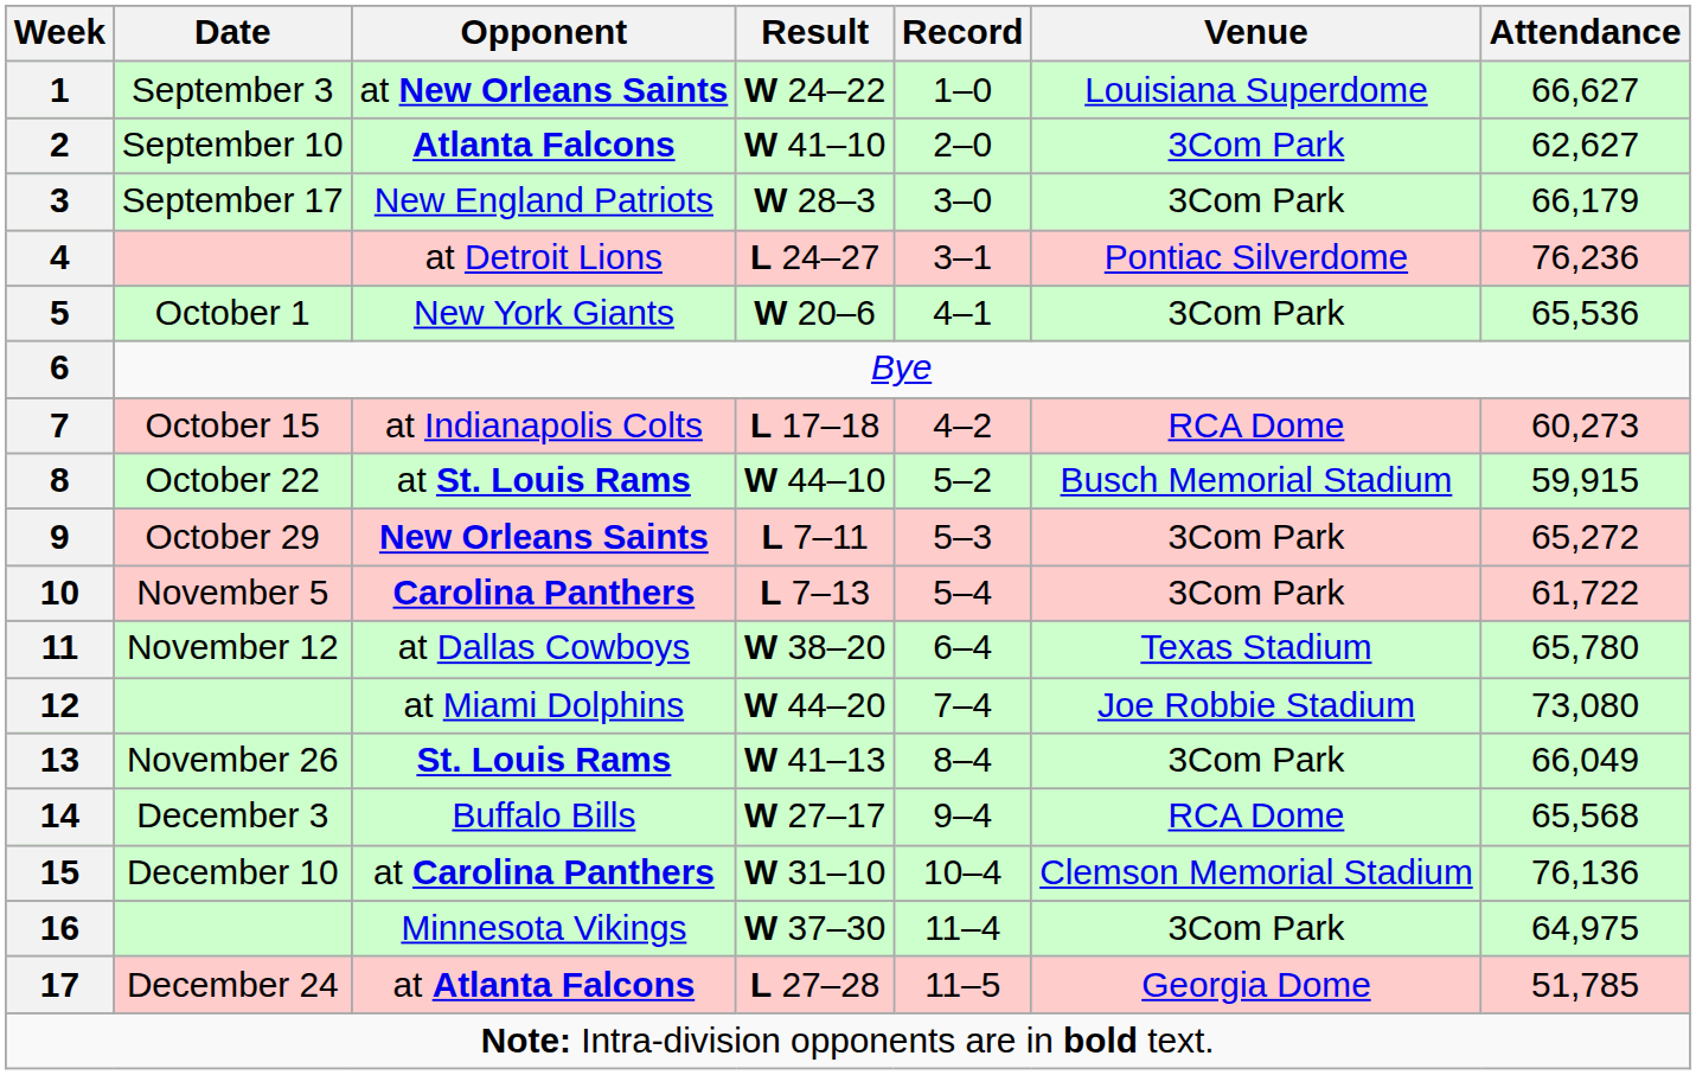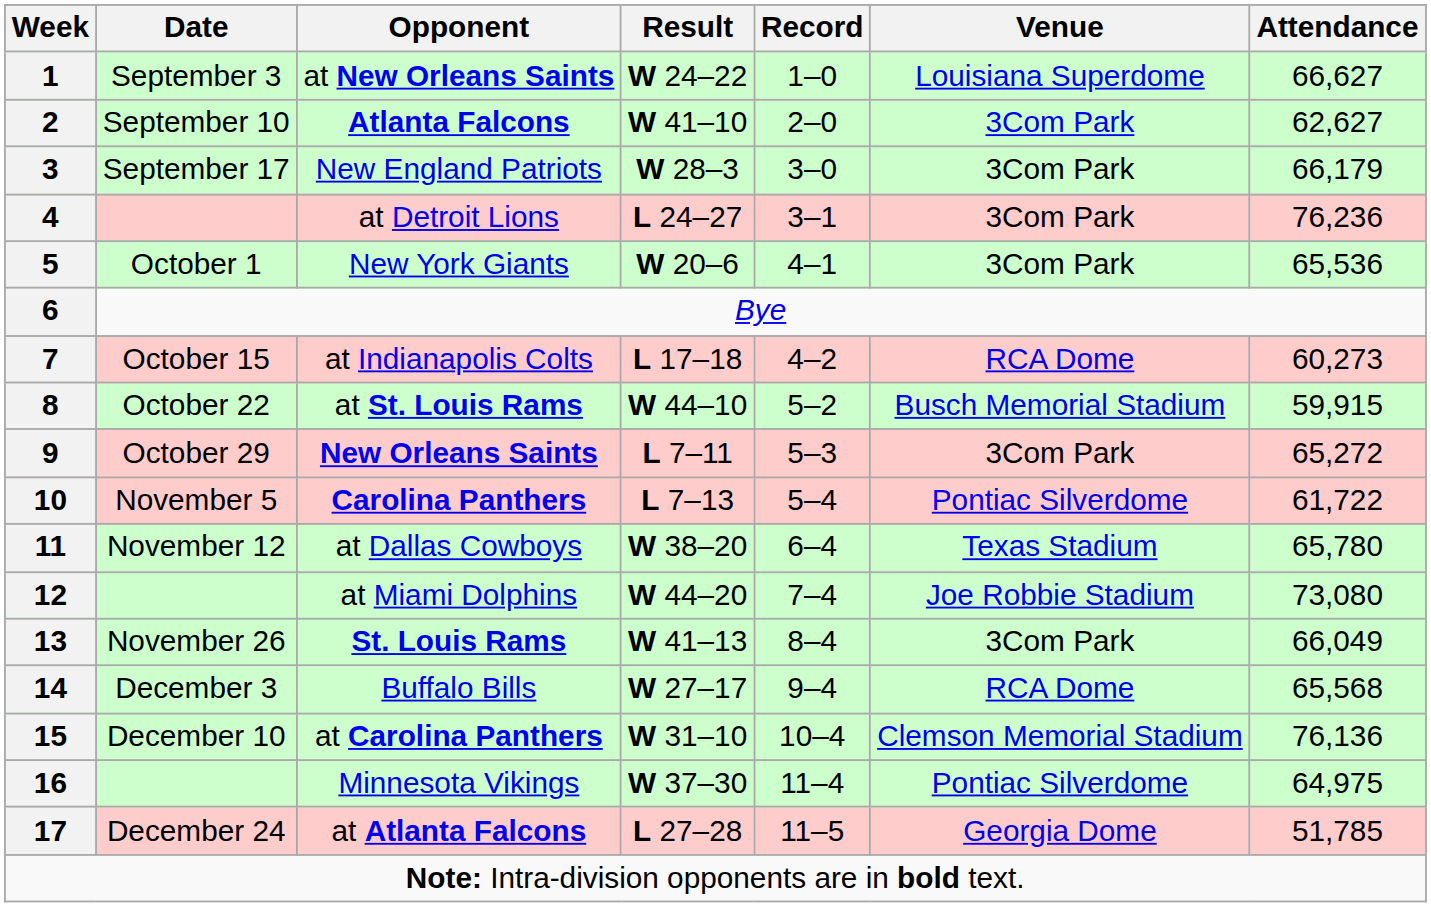 <table class="wikitable" style="text-align:center;">
 <tr>
 <th>Week</th>
 <th>Date</th>
 <th>Opponent</th>
 <th>Result</th>
 <th>Record</th>
 <th>Venue</th>
 <th>Attendance</th>
 </tr>
 <tr style="background:#cfc">
 <th>1</th>
 <td>September 3</td>
 <td>at <strong><a href='#'>New Orleans Saints</a></strong></td>
 <td><strong>W</strong> 24–22</td>
 <td>1–0</td>
 <td><a href='#'>Louisiana Superdome</a></td>
 <td>66,627</td>
 </tr>
 <tr style="background:#cfc">
 <th>2</th>
 <td>September 10</td>
 <td><strong><a href='#'>Atlanta Falcons</a></strong></td>
 <td><strong>W</strong> 41–10</td>
 <td>2–0</td>
 <td><a href='#'>3Com Park</a></td>
 <td>62,627</td>
 </tr>
 <tr style="background:#cfc">
 <th>3</th>
 <td>September 17</td>
 <td><a href='#'>New England Patriots</a></td>
 <td><strong>W</strong> 28–3</td>
 <td>3–0</td>
 <td>3Com Park</td>
 <td>66,179</td>
 </tr>
 <tr style="background:#fcc">
 <th>4</th>
 <td></td>
 <td>at <a href='#'>Detroit Lions</a></td>
 <td><strong>L</strong> 24–27</td>
 <td>3–1</td>
-<td><a href='#'>Pontiac Silverdome</a></td>
+<td>3Com Park</td>
 <td>76,236</td>
 </tr>
 <tr style="background:#cfc">
 <th>5</th>
 <td>October 1</td>
 <td><a href='#'>New York Giants</a></td>
 <td><strong>W</strong> 20–6</td>
 <td>4–1</td>
 <td>3Com Park</td>
 <td>65,536</td>
 </tr>
 <tr>
 <th>6</th>
 <td colspan=7><em><a href='#'>Bye</a></em></td>
 </tr>
 <tr style="background:#fcc">
 <th>7</th>
 <td>October 15</td>
 <td>at <a href='#'>Indianapolis Colts</a></td>
 <td><strong>L</strong> 17–18</td>
 <td>4–2</td>
 <td><a href='#'>RCA Dome</a></td>
 <td>60,273</td>
 </tr>
 <tr style="background:#cfc">
 <th>8</th>
 <td>October 22</td>
 <td>at <strong><a href='#'>St. Louis Rams</a></strong></td>
 <td><strong>W</strong> 44–10</td>
 <td>5–2</td>
 <td><a href='#'>Busch Memorial Stadium</a></td>
 <td>59,915</td>
 </tr>
 <tr style="background:#fcc">
 <th>9</th>
 <td>October 29</td>
 <td><strong><a href='#'>New Orleans Saints</a></strong></td>
 <td><strong>L</strong> 7–11</td>
 <td>5–3</td>
 <td>3Com Park</td>
 <td>65,272</td>
 </tr>
 <tr style="background:#fcc">
 <th>10</th>
 <td>November 5</td>
 <td><strong><a href='#'>Carolina Panthers</a></strong></td>
 <td><strong>L</strong> 7–13</td>
 <td>5–4</td>
-<td>3Com Park</td>
+<td><a href='#'>Pontiac Silverdome</a></td>
 <td>61,722</td>
 </tr>
 <tr style="background:#cfc">
 <th>11</th>
 <td>November 12</td>
 <td>at <a href='#'>Dallas Cowboys</a></td>
 <td><strong>W</strong> 38–20</td>
 <td>6–4</td>
 <td><a href='#'>Texas Stadium</a></td>
 <td>65,780</td>
 </tr>
 <tr style="background:#cfc">
 <th>12</th>
 <td></td>
 <td>at <a href='#'>Miami Dolphins</a></td>
 <td><strong>W</strong> 44–20</td>
 <td>7–4</td>
 <td><a href='#'>Joe Robbie Stadium</a></td>
 <td>73,080</td>
 </tr>
 <tr style="background:#cfc">
 <th>13</th>
 <td>November 26</td>
 <td><strong><a href='#'>St. Louis Rams</a></strong></td>
 <td><strong>W</strong> 41–13</td>
 <td>8–4</td>
 <td>3Com Park</td>
 <td>66,049</td>
 </tr>
 <tr style="background:#cfc">
 <th>14</th>
 <td>December 3</td>
 <td><a href='#'>Buffalo Bills</a></td>
 <td><strong>W</strong> 27–17</td>
 <td>9–4</td>
 <td><a href='#'>RCA Dome</a></td>
 <td>65,568</td>
 </tr>
 <tr style="background:#cfc">
 <th>15</th>
 <td>December 10</td>
 <td>at <strong><a href='#'>Carolina Panthers</a></strong></td>
 <td><strong>W</strong> 31–10</td>
 <td>10–4</td>
 <td><a href='#'>Clemson Memorial Stadium</a></td>
 <td>76,136</td>
 </tr>
 <tr style="background:#cfc">
 <th>16</th>
 <td></td>
 <td><a href='#'>Minnesota Vikings</a></td>
 <td><strong>W</strong> 37–30</td>
 <td>11–4</td>
-<td>3Com Park</td>
+<td><a href='#'>Pontiac Silverdome</a></td>
 <td>64,975</td>
 </tr>
 <tr style="background:#fcc">
 <th>17</th>
 <td>December 24</td>
 <td>at <strong><a href='#'>Atlanta Falcons</a></strong></td>
 <td><strong>L</strong> 27–28</td>
 <td>11–5</td>
 <td><a href='#'>Georgia Dome</a></td>
 <td>51,785</td>
 </tr>
 <tr>
 <td colspan="8"><strong>Note:</strong> Intra-division opponents are in <strong>bold</strong> text.</td>
 </tr>
 </table>
